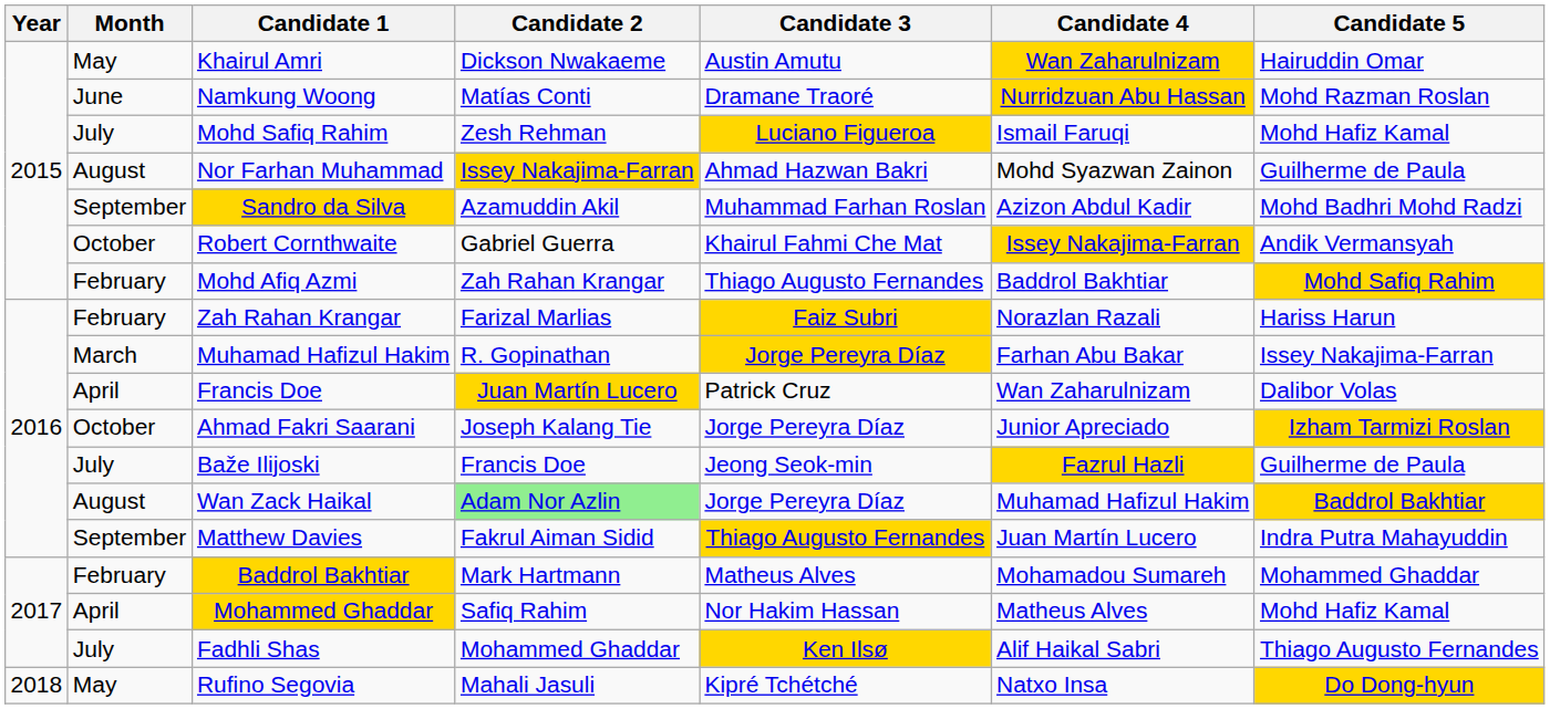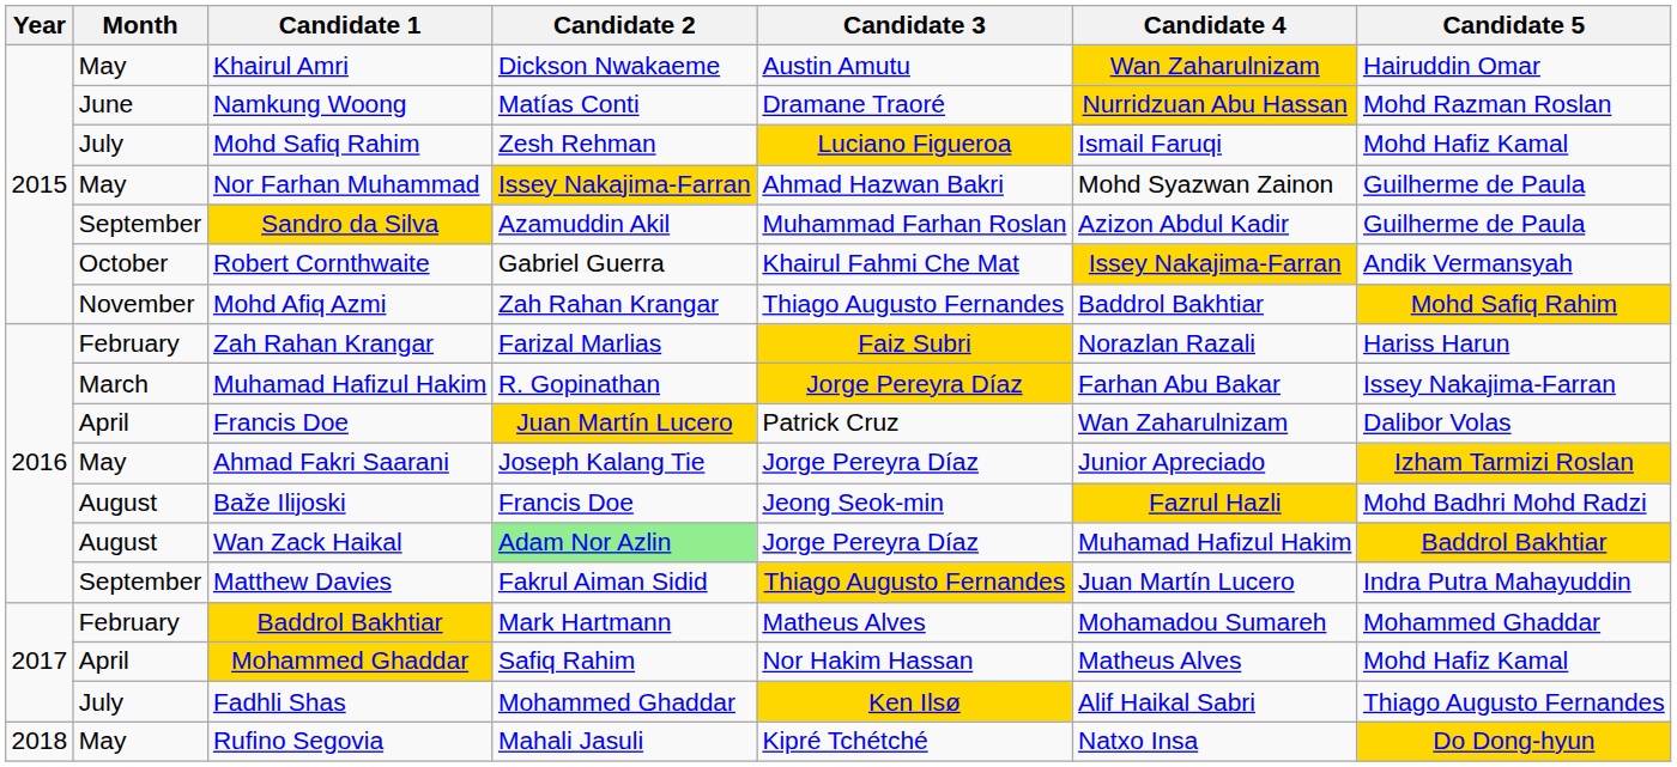 <table class="wikitable">
 <tr>
 <th>Year</th>
 <th>Month</th>
 <th>Candidate 1</th>
 <th>Candidate 2</th>
 <th>Candidate 3</th>
 <th>Candidate 4</th>
 <th>Candidate 5</th>
 </tr>
 <tr>
 <td rowspan=7>2015</td>
 <td>May</td>
 <td><a href='#'>Khairul Amri</a></td>
 <td><a href='#'>Dickson Nwakaeme</a></td>
 <td><a href='#'>Austin Amutu</a></td>
 <td align=center style="background-color:#ffd700"><a href='#'>Wan Zaharulnizam</a></td>
 <td><a href='#'>Hairuddin Omar</a></td>
 </tr>
 <tr>
 <td>June</td>
 <td><a href='#'>Namkung Woong</a></td>
 <td><a href='#'>Matías Conti</a></td>
 <td><a href='#'>Dramane Traoré</a></td>
 <td align=center style="background-color:#ffd700"><a href='#'>Nurridzuan Abu Hassan</a></td>
 <td><a href='#'>Mohd Razman Roslan</a></td>
 </tr>
 <tr>
 <td>July</td>
 <td><a href='#'>Mohd Safiq Rahim</a></td>
 <td><a href='#'>Zesh Rehman</a></td>
 <td align=center style="background-color:#ffd700"><a href='#'>Luciano Figueroa</a></td>
 <td><a href='#'>Ismail Faruqi</a></td>
 <td><a href='#'>Mohd Hafiz Kamal</a></td>
 </tr>
 <tr>
-<td>August</td>
+<td>May</td>
 <td><a href='#'>Nor Farhan Muhammad</a></td>
 <td align=center style="background-color:#ffd700"><a href='#'>Issey Nakajima-Farran</a></td>
 <td><a href='#'>Ahmad Hazwan Bakri</a></td>
 <td> Mohd Syazwan Zainon</td>
 <td><a href='#'>Guilherme de Paula</a></td>
 </tr>
 <tr>
 <td>September</td>
 <td align=center style="background-color:#ffd700"><a href='#'>Sandro da Silva</a></td>
 <td><a href='#'>Azamuddin Akil</a></td>
 <td><a href='#'>Muhammad Farhan Roslan</a></td>
 <td><a href='#'>Azizon Abdul Kadir</a></td>
-<td><a href='#'>Mohd Badhri Mohd Radzi</a></td>
+<td><a href='#'>Guilherme de Paula</a></td>
 </tr>
 <tr>
 <td>October</td>
 <td><a href='#'>Robert Cornthwaite</a></td>
 <td> Gabriel Guerra</td>
 <td><a href='#'>Khairul Fahmi Che Mat</a></td>
 <td align=center style="background-color:#ffd700"><a href='#'>Issey Nakajima-Farran</a></td>
 <td><a href='#'>Andik Vermansyah</a></td>
 </tr>
 <tr>
-<td>February</td>
+<td>November</td>
 <td><a href='#'>Mohd Afiq Azmi</a></td>
 <td><a href='#'>Zah Rahan Krangar</a></td>
 <td><a href='#'>Thiago Augusto Fernandes</a></td>
 <td><a href='#'>Baddrol Bakhtiar</a></td>
 <td align=center style="background-color:#ffd700"><a href='#'>Mohd Safiq Rahim</a></td>
 </tr>
 <tr>
 <td rowspan=7>2016</td>
 <td>February</td>
 <td><a href='#'>Zah Rahan Krangar</a></td>
 <td><a href='#'>Farizal Marlias</a></td>
 <td align=center style="background-color:#ffd700"><a href='#'>Faiz Subri</a></td>
 <td><a href='#'>Norazlan Razali</a></td>
 <td><a href='#'>Hariss Harun</a></td>
 </tr>
 <tr>
 <td>March</td>
 <td><a href='#'>Muhamad Hafizul Hakim</a></td>
 <td><a href='#'>R. Gopinathan</a></td>
 <td align=center style="background-color:#ffd700"><a href='#'>Jorge Pereyra Díaz</a></td>
 <td><a href='#'>Farhan Abu Bakar</a></td>
 <td><a href='#'>Issey Nakajima-Farran</a></td>
 </tr>
 <tr>
 <td>April</td>
 <td><a href='#'>Francis Doe</a></td>
 <td align=center style="background-color:#ffd700"><a href='#'>Juan Martín Lucero</a></td>
 <td>Patrick Cruz</td>
 <td><a href='#'>Wan Zaharulnizam</a></td>
 <td><a href='#'>Dalibor Volas</a></td>
 </tr>
 <tr>
-<td>October</td>
+<td>May</td>
 <td><a href='#'>Ahmad Fakri Saarani</a></td>
 <td><a href='#'>Joseph Kalang Tie</a></td>
 <td><a href='#'>Jorge Pereyra Díaz</a></td>
 <td><a href='#'>Junior Apreciado</a></td>
 <td align=center style="background-color:#ffd700"><a href='#'>Izham Tarmizi Roslan</a></td>
 </tr>
 <tr>
-<td>July</td>
+<td>August</td>
 <td><a href='#'>Baže Ilijoski</a></td>
 <td><a href='#'>Francis Doe</a></td>
 <td><a href='#'>Jeong Seok-min</a></td>
 <td align=center style="background-color:#ffd700"><a href='#'>Fazrul Hazli</a></td>
-<td><a href='#'>Guilherme de Paula</a></td>
+<td><a href='#'>Mohd Badhri Mohd Radzi</a></td>
 </tr>
 <tr>
 <td>August</td>
 <td> <a href='#'>Wan Zack Haikal</a></td>
 <td style="background: lightgreen;"><a href='#'>Adam Nor Azlin</a></td>
 <td><a href='#'>Jorge Pereyra Díaz</a></td>
 <td><a href='#'>Muhamad Hafizul Hakim</a></td>
 <td align=center style="background-color:#ffd700"><a href='#'>Baddrol Bakhtiar</a></td>
 </tr>
 <tr>
 <td>September</td>
 <td> <a href='#'>Matthew Davies</a></td>
 <td> <a href='#'>Fakrul Aiman Sidid</a></td>
 <td align=center style="background-color:#ffd700"> <a href='#'>Thiago Augusto Fernandes</a></td>
 <td><a href='#'>Juan Martín Lucero</a></td>
 <td> <a href='#'>Indra Putra Mahayuddin</a></td>
 </tr>
 <tr>
 <td rowspan=3>2017</td>
 <td>February</td>
 <td align=center style="background-color:#ffd700"> <a href='#'>Baddrol Bakhtiar</a></td>
 <td> <a href='#'>Mark Hartmann</a></td>
 <td> <a href='#'>Matheus Alves</a></td>
 <td><a href='#'>Mohamadou Sumareh</a></td>
 <td> <a href='#'>Mohammed Ghaddar</a></td>
 </tr>
 <tr>
 <td>April</td>
 <td align=center style="background-color:#ffd700"> <a href='#'>Mohammed Ghaddar</a></td>
 <td> <a href='#'>Safiq Rahim</a></td>
 <td> <a href='#'>Nor Hakim Hassan</a></td>
 <td> <a href='#'>Matheus Alves</a></td>
 <td> <a href='#'>Mohd Hafiz Kamal</a></td>
 </tr>
 <tr>
 <td>July</td>
 <td> <a href='#'>Fadhli Shas</a></td>
 <td> <a href='#'>Mohammed Ghaddar</a></td>
 <td align=center style="background-color:#ffd700"> <a href='#'>Ken Ilsø</a></td>
 <td> <a href='#'>Alif Haikal Sabri</a></td>
 <td> <a href='#'>Thiago Augusto Fernandes</a></td>
 </tr>
 <tr>
 <td rowspan=1>2018</td>
 <td>May</td>
 <td> <a href='#'>Rufino Segovia</a></td>
 <td> <a href='#'>Mahali Jasuli</a></td>
 <td> <a href='#'>Kipré Tchétché</a></td>
 <td> <a href='#'>Natxo Insa</a></td>
 <td align=center style="background-color:#ffd700"> <a href='#'>Do Dong-hyun</a></td>
 </tr>
 </table>
